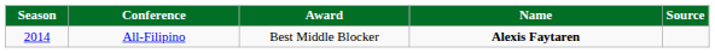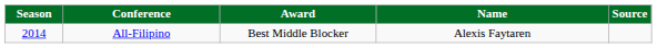 <table class="wikitable">
 <tr>
 <th width=70px style="background: #026f27; color: #FFFFFF"><strong>Season</strong></th>
 <th width=200px style="background: #026f27; color: #FFFFFF"><strong>Conference</strong></th>
 <th width=200px style="background: #026f27; color: #FFFFFF"><strong>Award</strong></th>
 <th width=300px style="background: #026f27; color: #FFFFFF;"><strong>Name</strong></th>
 <th width=50px style="background: #026f27; color: #FFFFFF"><strong>Source</strong></th>
 </tr>
 <tr align="center">
 <td><a href='#'>2014</a></td>
 <td><a href='#'>All-Filipino</a></td>
 <td>Best Middle Blocker</td>
-<td><strong> Alexis Faytaren</strong></td>
+<td> Alexis Faytaren</td>
 <td></td>
 </tr>
 </table>
